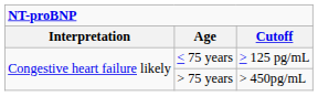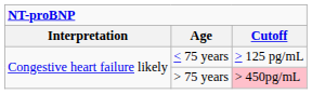 <table class="wikitable">
 <tr>
 <td colspan=3><strong><a href='#'>NT-proBNP</a></strong> <br></td>
 </tr>
 <tr>
 <th>Interpretation</th>
 <th>Age</th>
 <th><a href='#'>Cutoff</a></th>
 </tr>
 <tr>
 <td rowspan=2><a href='#'>Congestive heart failure</a> likely</td>
 <td><a href='#'><</a> 75 years</td>
 <td><a href='#'>></a> 125 pg/mL</td>
 </tr>
 <tr>
 <td>> 75 years</td>
-<td>> 450pg/mL</td>
+<td style="background: pink;">> 450pg/mL</td>
 </tr>
 </table>
